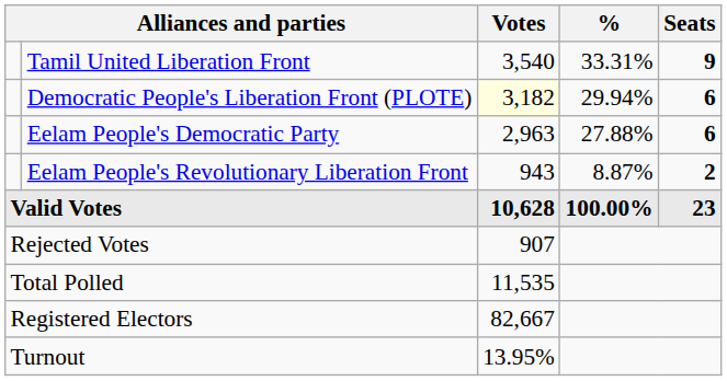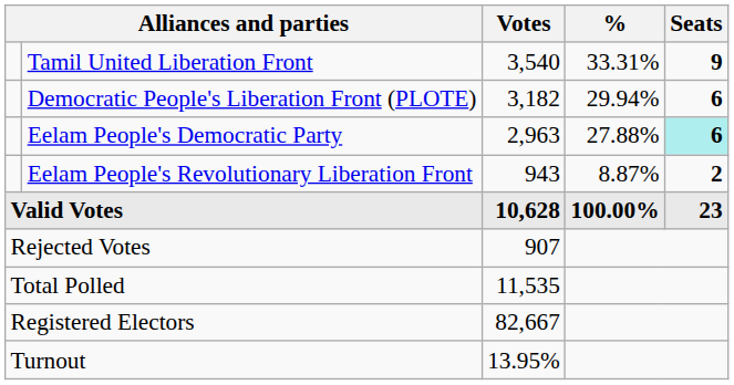 <table class="wikitable" border="1" style="text-align:right;">
 <tr>
 <th valign=bottom align=left colspan=2>Alliances and parties</th>
 <th valign=bottom align=center>Votes</th>
 <th valign=bottom align=center>%</th>
 <th valign=bottom align=center>Seats</th>
 </tr>
 <tr>
 <td style="background-color:"> </td>
 <td style="text-align:left;"><a href='#'>Tamil United Liberation Front</a></td>
 <td>3,540</td>
 <td>33.31%</td>
 <td><strong>9</strong></td>
 </tr>
 <tr>
 <td style="background-color:"> </td>
 <td style="text-align:left;"><a href='#'>Democratic People's Liberation Front</a> (<a href='#'>PLOTE</a>)</td>
-<td style="background: lightyellow;">3,182</td>
+<td>3,182</td>
 <td>29.94%</td>
 <td><strong>6</strong></td>
 </tr>
 <tr>
 <td style="background-color:"> </td>
 <td style="text-align:left;"><a href='#'>Eelam People's Democratic Party</a></td>
 <td>2,963</td>
 <td>27.88%</td>
-<td><strong>6</strong></td>
+<td style="background: paleturquoise;"><strong>6</strong></td>
 </tr>
 <tr>
 <td style="background-color:"> </td>
 <td style="text-align:left;"><a href='#'>Eelam People's Revolutionary Liberation Front</a></td>
 <td>943</td>
 <td>8.87%</td>
 <td><strong>2</strong></td>
 </tr>
 <tr style="background-color:#E9E9E9; font-weight:bold">
 <td colspan=2 style="text-align:left;">Valid Votes</td>
 <td>10,628</td>
 <td>100.00%</td>
 <td>23</td>
 </tr>
 <tr>
 <td colspan=2 style="text-align:left;">Rejected Votes</td>
 <td>907</td>
 <td colspan=2></td>
 </tr>
 <tr>
 <td colspan=2 style="text-align:left;">Total Polled</td>
 <td>11,535</td>
 <td colspan=2></td>
 </tr>
 <tr>
 <td colspan=2 style="text-align:left;">Registered Electors</td>
 <td>82,667</td>
 <td colspan=2></td>
 </tr>
 <tr>
 <td colspan=2 style="text-align:left;">Turnout</td>
 <td>13.95%</td>
 <td colspan=2></td>
 </tr>
 </table>
